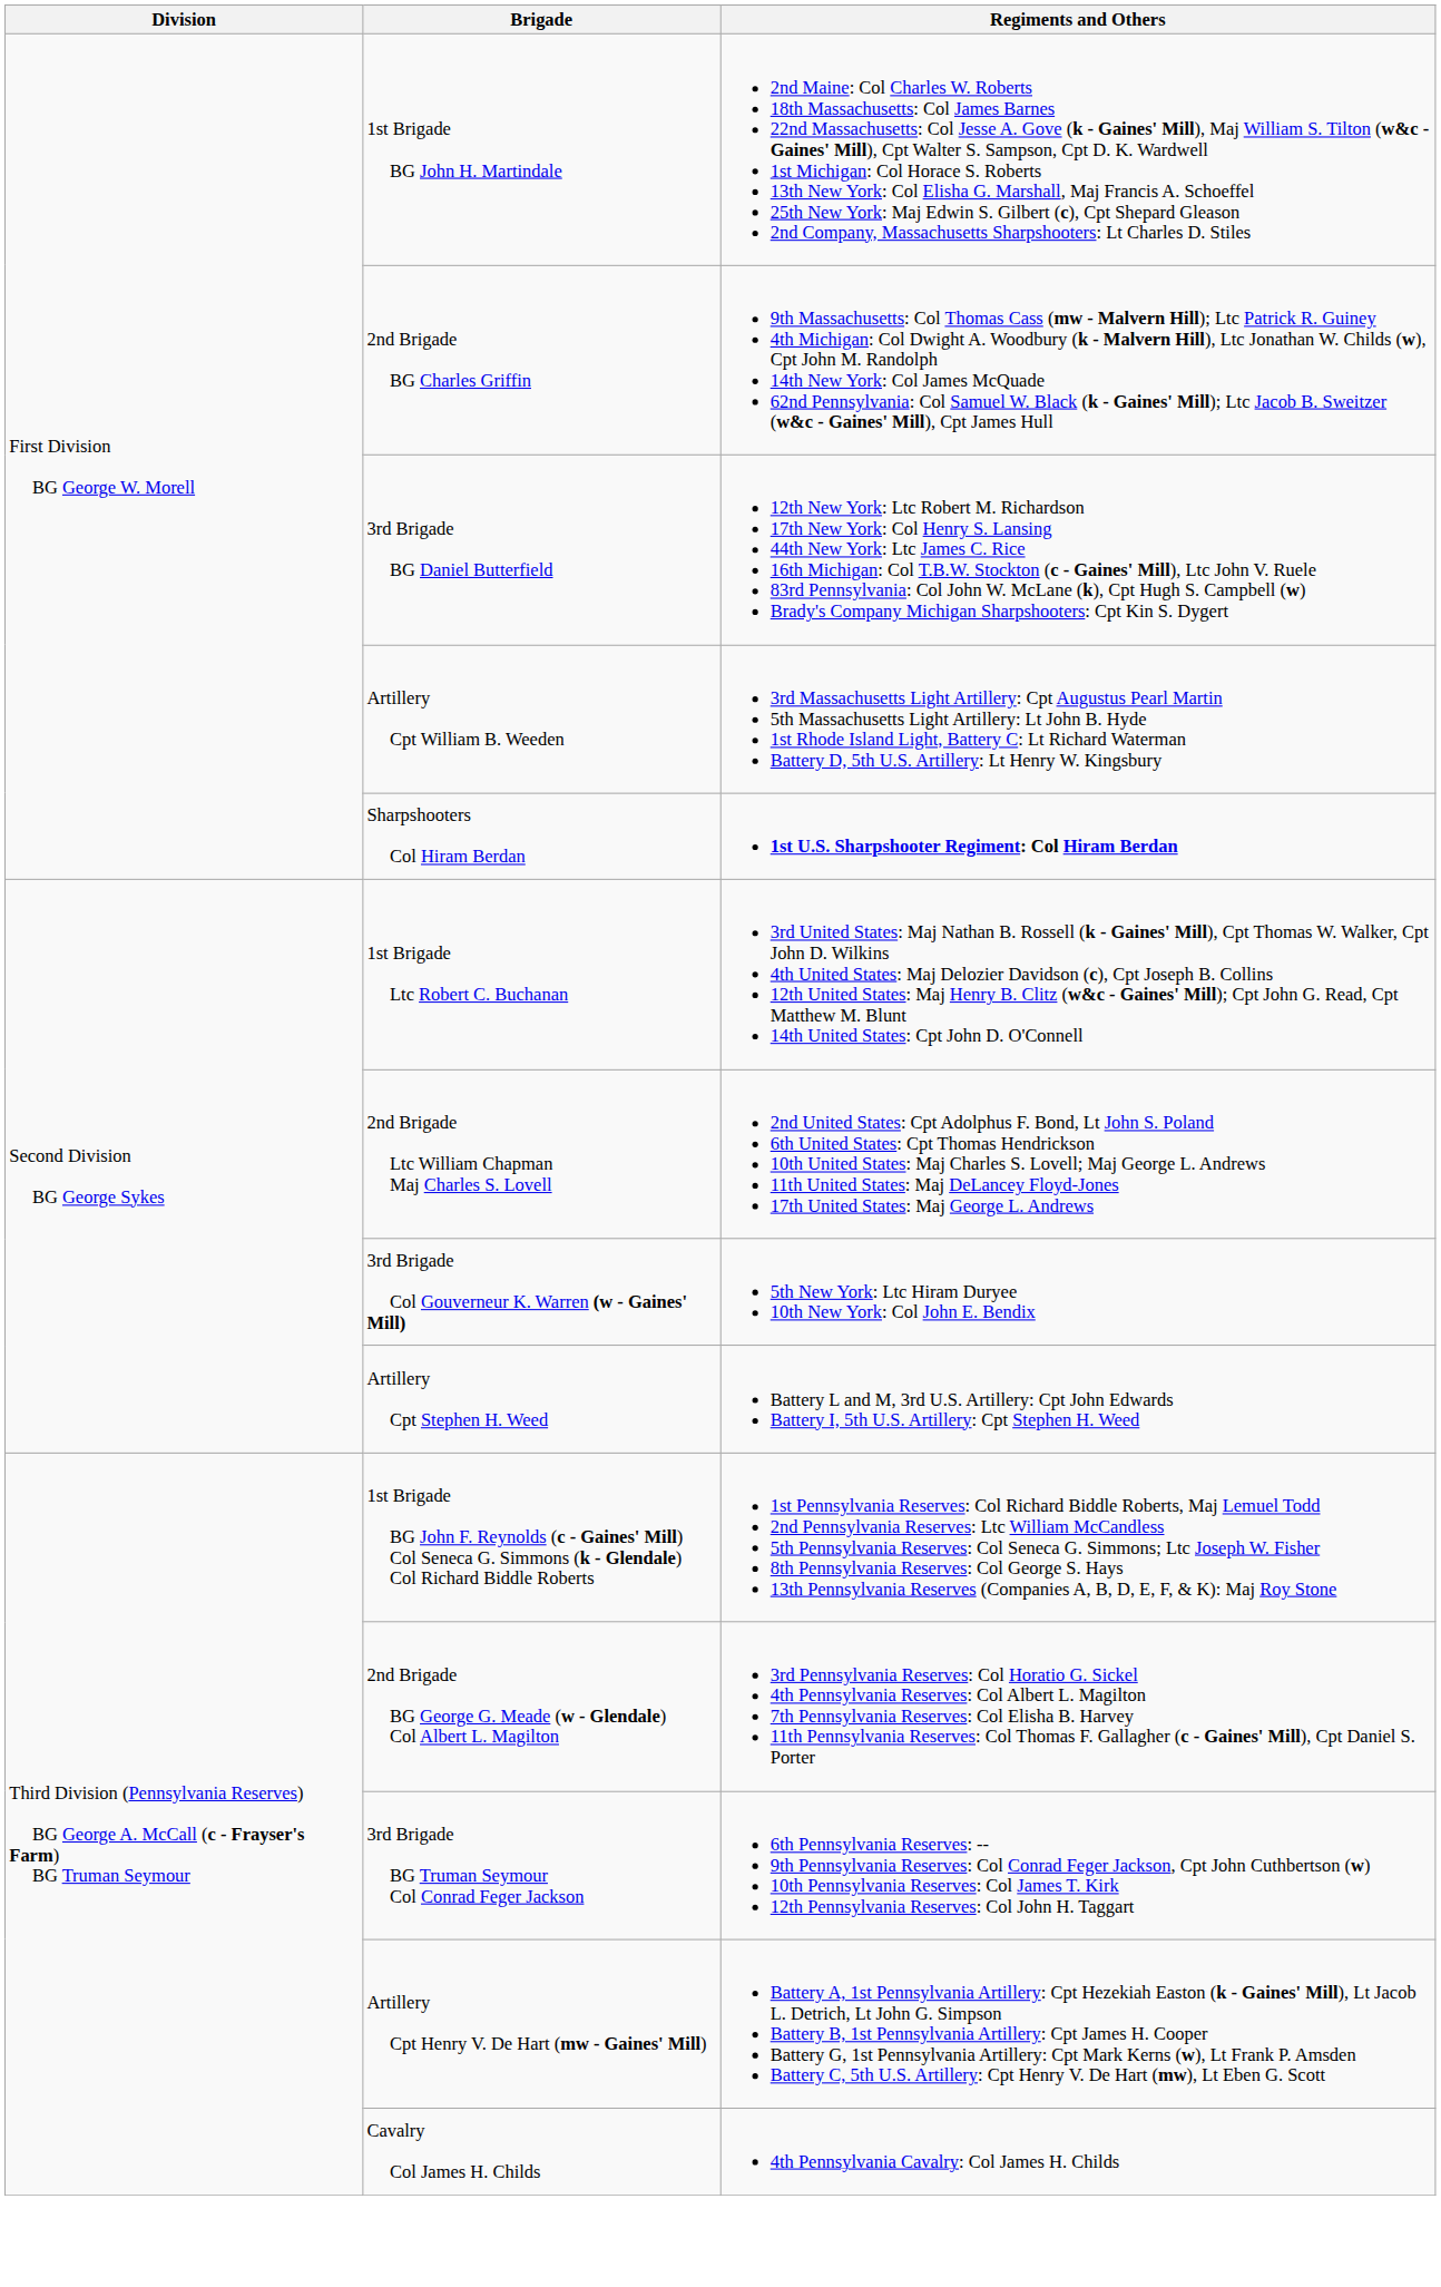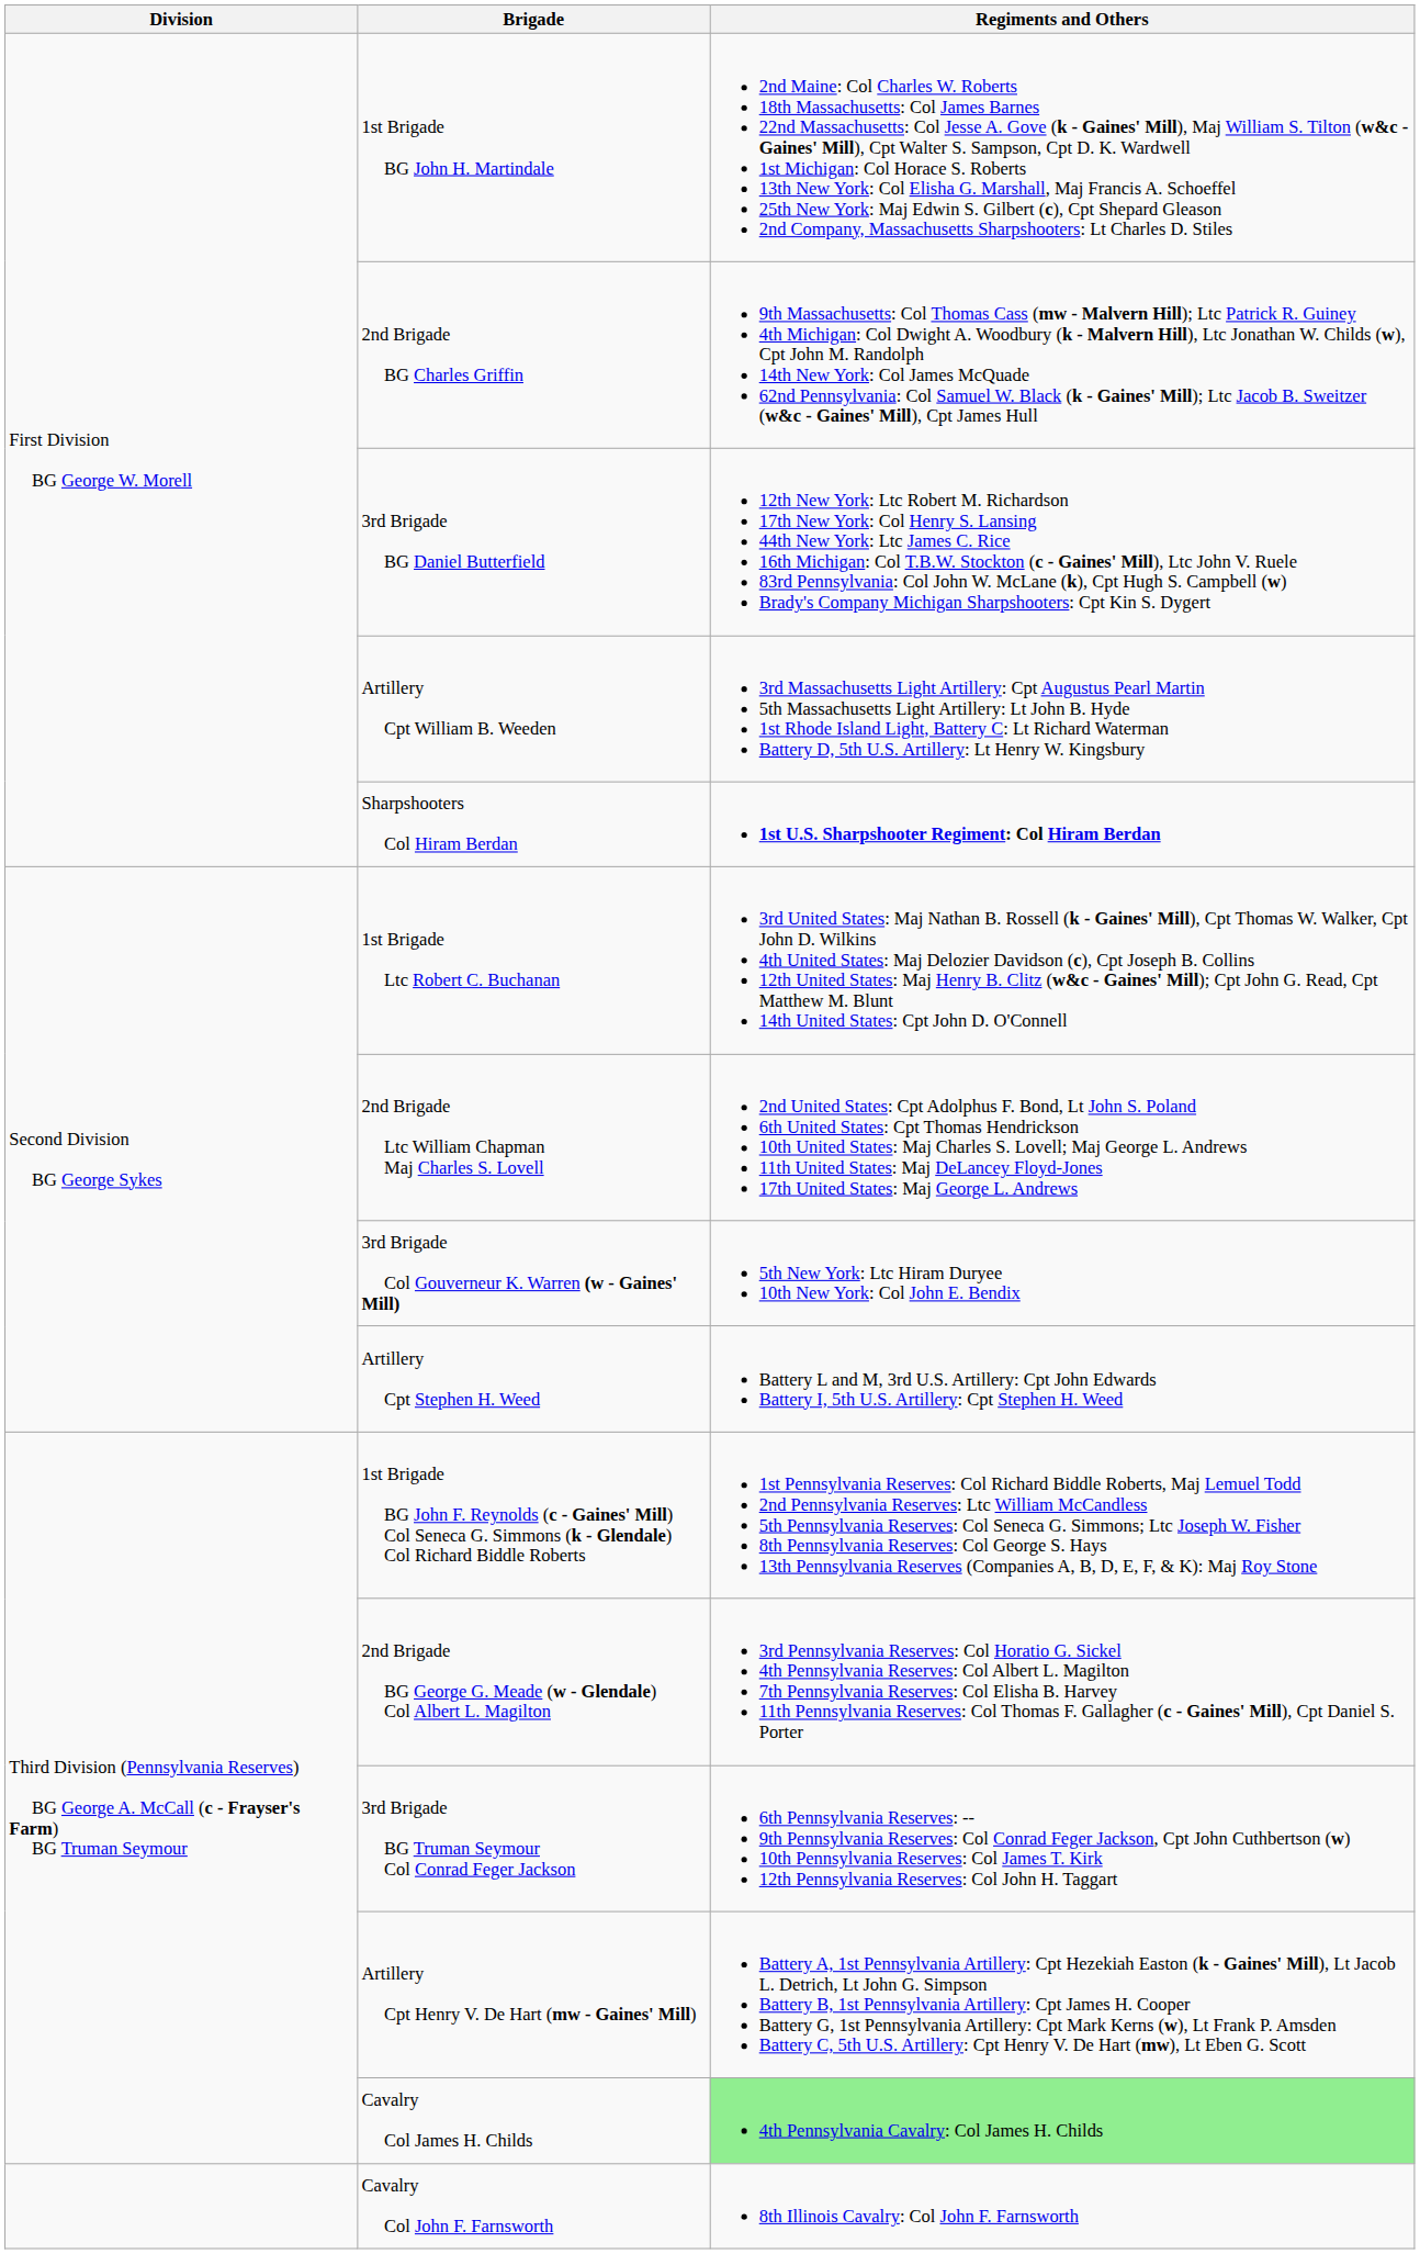 <table class="wikitable">
 <tr>
 <th width=25%>Division</th>
 <th width=25%>Brigade</th>
 <th>Regiments and Others</th>
 </tr>
 <tr>
 <td rowspan=5><br>First Division<br><br>     BG <a href='#'>George W. Morell</a></td>
 <td>1st Brigade<br><br>     BG <a href='#'>John H. Martindale</a></td>
 <td><br><ul><li><a href='#'>2nd Maine</a>: Col <a href='#'>Charles W. Roberts</a></li><li><a href='#'>18th Massachusetts</a>: Col <a href='#'>James Barnes</a></li><li><a href='#'>22nd Massachusetts</a>: Col <a href='#'>Jesse A. Gove</a> (<strong>k - Gaines' Mill</strong>), Maj <a href='#'>William S. Tilton</a> (<strong>w&c - Gaines' Mill</strong>), Cpt Walter S. Sampson, Cpt D. K. Wardwell</li><li><a href='#'>1st Michigan</a>: Col Horace S. Roberts</li><li><a href='#'>13th New York</a>: Col <a href='#'>Elisha G. Marshall</a>, Maj Francis A. Schoeffel</li><li><a href='#'>25th New York</a>: Maj Edwin S. Gilbert (<strong>c</strong>), Cpt Shepard Gleason</li><li><a href='#'>2nd Company, Massachusetts Sharpshooters</a>: Lt Charles D. Stiles</li></ul></td>
 </tr>
 <tr>
 <td>2nd Brigade<br><br>     BG <a href='#'>Charles Griffin</a></td>
 <td><br><ul><li><a href='#'>9th Massachusetts</a>: Col <a href='#'>Thomas Cass</a> (<strong>mw - Malvern Hill</strong>); Ltc <a href='#'>Patrick R. Guiney</a></li><li><a href='#'>4th Michigan</a>: Col Dwight A. Woodbury (<strong>k - Malvern Hill</strong>), Ltc Jonathan W. Childs (<strong>w</strong>), Cpt John M. Randolph</li><li><a href='#'>14th New York</a>: Col James McQuade</li><li><a href='#'>62nd Pennsylvania</a>: Col <a href='#'>Samuel W. Black</a> (<strong>k - Gaines' Mill</strong>); Ltc <a href='#'>Jacob B. Sweitzer</a> (<strong>w&c - Gaines' Mill</strong>), Cpt James Hull</li></ul></td>
 </tr>
 <tr>
 <td>3rd Brigade<br><br>     BG <a href='#'>Daniel Butterfield</a></td>
 <td><br><ul><li><a href='#'>12th New York</a>: Ltc Robert M. Richardson</li><li><a href='#'>17th New York</a>: Col <a href='#'>Henry S. Lansing</a></li><li><a href='#'>44th New York</a>: Ltc <a href='#'>James C. Rice</a></li><li><a href='#'>16th Michigan</a>: Col <a href='#'>T.B.W. Stockton</a> (<strong>c - Gaines' Mill</strong>), Ltc John V. Ruele</li><li><a href='#'>83rd Pennsylvania</a>: Col John W. McLane (<strong>k</strong>), Cpt Hugh S. Campbell (<strong>w</strong>)</li><li><a href='#'>Brady's Company Michigan Sharpshooters</a>: Cpt Kin S. Dygert</li></ul></td>
 </tr>
 <tr>
 <td>Artillery<br><br>     Cpt William B. Weeden</td>
 <td><br><ul><li><a href='#'>3rd Massachusetts Light Artillery</a>: Cpt <a href='#'>Augustus Pearl Martin</a></li><li>5th Massachusetts Light Artillery: Lt John B. Hyde</li><li><a href='#'>1st Rhode Island Light, Battery C</a>: Lt Richard Waterman</li><li><a href='#'>Battery D, 5th U.S. Artillery</a>: Lt Henry W. Kingsbury</li></ul></td>
 </tr>
 <tr>
 <td>Sharpshooters<br><br>     Col <a href='#'>Hiram Berdan</a></td>
 <td><strong><br><ul><li><a href='#'>1st U.S. Sharpshooter Regiment</a>: Col <a href='#'>Hiram Berdan</a></li></ul></strong></td>
 </tr>
 <tr>
 <td rowspan=4><br>Second Division<br><br>     BG <a href='#'>George Sykes</a></td>
 <td>1st Brigade<br><br>     Ltc <a href='#'>Robert C. Buchanan</a></td>
 <td><br><ul><li><a href='#'>3rd United States</a>: Maj Nathan B. Rossell (<strong>k - Gaines' Mill</strong>), Cpt Thomas W. Walker, Cpt John D. Wilkins</li><li><a href='#'>4th United States</a>: Maj Delozier Davidson (<strong>c</strong>), Cpt Joseph B. Collins</li><li><a href='#'>12th United States</a>: Maj <a href='#'>Henry B. Clitz</a> (<strong>w&c - Gaines' Mill</strong>); Cpt John G. Read, Cpt Matthew M. Blunt</li><li><a href='#'>14th United States</a>: Cpt John D. O'Connell</li></ul></td>
 </tr>
 <tr>
 <td>2nd Brigade<br><br>     Ltc William Chapman <br>     Maj <a href='#'>Charles S. Lovell</a></td>
 <td><br><ul><li><a href='#'>2nd United States</a>: Cpt Adolphus F. Bond, Lt <a href='#'>John S. Poland</a></li><li><a href='#'>6th United States</a>: Cpt Thomas Hendrickson</li><li><a href='#'>10th United States</a>: Maj Charles S. Lovell; Maj George L. Andrews</li><li><a href='#'>11th United States</a>: Maj <a href='#'>DeLancey Floyd-Jones</a></li><li><a href='#'>17th United States</a>: Maj <a href='#'>George L. Andrews</a></li></ul></td>
 </tr>
 <tr>
 <td>3rd Brigade<br><br>     Col <a href='#'>Gouverneur K. Warren</a> <strong>(w - Gaines' Mill)</strong></td>
 <td><br><ul><li><a href='#'>5th New York</a>: Ltc Hiram Duryee</li><li><a href='#'>10th New York</a>: Col <a href='#'>John E. Bendix</a></li></ul></td>
 </tr>
 <tr>
 <td>Artillery<br><br>     Cpt <a href='#'>Stephen H. Weed</a></td>
 <td><br><ul><li>Battery L and M, 3rd U.S. Artillery: Cpt John Edwards</li><li><a href='#'>Battery I, 5th U.S. Artillery</a>: Cpt <a href='#'>Stephen H. Weed</a></li></ul></td>
 </tr>
 <tr>
 <td rowspan=5><br>Third Division (<a href='#'>Pennsylvania Reserves</a>)<br><br>     BG <a href='#'>George A. McCall</a> (<strong>c - Frayser's Farm</strong>) <br>     BG <a href='#'>Truman Seymour</a></td>
 <td>1st Brigade<br><br>     BG <a href='#'>John F. Reynolds</a> (<strong>c - Gaines' Mill</strong>) <br>     Col Seneca G. Simmons (<strong>k - Glendale</strong>) <br>     Col Richard Biddle Roberts</td>
 <td><br><ul><li><a href='#'>1st Pennsylvania Reserves</a>: Col Richard Biddle Roberts, Maj <a href='#'>Lemuel Todd</a></li><li><a href='#'>2nd Pennsylvania Reserves</a>: Ltc <a href='#'>William McCandless</a></li><li><a href='#'>5th Pennsylvania Reserves</a>: Col Seneca G. Simmons; Ltc <a href='#'>Joseph W. Fisher</a></li><li><a href='#'>8th Pennsylvania Reserves</a>: Col George S. Hays</li><li><a href='#'>13th Pennsylvania Reserves</a> (Companies A, B, D, E, F, & K): Maj <a href='#'>Roy Stone</a></li></ul></td>
 </tr>
 <tr>
 <td>2nd Brigade<br><br>     BG <a href='#'>George G. Meade</a> (<strong>w - Glendale</strong>) <br>     Col <a href='#'>Albert L. Magilton</a></td>
 <td><br><ul><li><a href='#'>3rd Pennsylvania Reserves</a>: Col <a href='#'>Horatio G. Sickel</a></li><li><a href='#'>4th Pennsylvania Reserves</a>: Col Albert L. Magilton</li><li><a href='#'>7th Pennsylvania Reserves</a>: Col Elisha B. Harvey</li><li><a href='#'>11th Pennsylvania Reserves</a>: Col Thomas F. Gallagher (<strong>c - Gaines' Mill</strong>), Cpt Daniel S. Porter</li></ul></td>
 </tr>
 <tr>
 <td>3rd Brigade<br><br>     BG <a href='#'>Truman Seymour</a> <br>     Col <a href='#'>Conrad Feger Jackson</a></td>
 <td><br><ul><li><a href='#'>6th Pennsylvania Reserves</a>: --</li><li><a href='#'>9th Pennsylvania Reserves</a>: Col <a href='#'>Conrad Feger Jackson</a>, Cpt John Cuthbertson (<strong>w</strong>)</li><li><a href='#'>10th Pennsylvania Reserves</a>: Col <a href='#'>James T. Kirk</a></li><li><a href='#'>12th Pennsylvania Reserves</a>: Col John H. Taggart</li></ul></td>
 </tr>
 <tr>
 <td>Artillery<br><br>     Cpt Henry V. De Hart (<strong>mw - Gaines' Mill</strong>)</td>
 <td><br><ul><li><a href='#'>Battery A, 1st Pennsylvania Artillery</a>: Cpt Hezekiah Easton (<strong>k - Gaines' Mill</strong>), Lt Jacob L. Detrich, Lt John G. Simpson</li><li><a href='#'>Battery B, 1st Pennsylvania Artillery</a>: Cpt James H. Cooper</li><li>Battery G, 1st Pennsylvania Artillery: Cpt Mark Kerns (<strong>w</strong>), Lt Frank P. Amsden</li><li><a href='#'>Battery C, 5th U.S. Artillery</a>: Cpt Henry V. De Hart (<strong>mw</strong>), Lt Eben G. Scott</li></ul></td>
 </tr>
 <tr>
 <td>Cavalry<br><br>     Col James H. Childs</td>
-<td><br><ul><li><a href='#'>4th Pennsylvania Cavalry</a>: Col James H. Childs</li></ul></td>
+<td style="background: lightgreen;"><br><ul><li><a href='#'>4th Pennsylvania Cavalry</a>: Col James H. Childs</li></ul></td>
+</tr>
+<tr>
+<td></td>
+<td>Cavalry<br><br>     Col <a href='#'>John F. Farnsworth</a></td>
+<td><br><ul><li><a href='#'>8th Illinois Cavalry</a>: Col <a href='#'>John F. Farnsworth</a></li></ul></td>
 </tr>
 </table>
